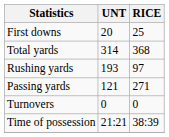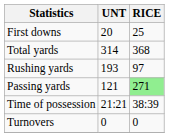 <table class="wikitable">
 <tr>
 <th>Statistics</th>
 <th>UNT</th>
 <th>RICE</th>
 </tr>
 <tr>
 <td>First downs</td>
 <td>20</td>
 <td>25</td>
 </tr>
 <tr>
 <td>Total yards</td>
 <td>314</td>
 <td>368</td>
 </tr>
 <tr>
 <td>Rushing yards</td>
 <td>193</td>
 <td>97</td>
 </tr>
 <tr>
 <td>Passing yards</td>
 <td>121</td>
-<td>271</td>
+<td style="background: lightgreen;">271</td>
+</tr>
+<tr>
+<td>Time of possession</td>
+<td>21:21</td>
+<td>38:39</td>
 </tr>
 <tr>
 <td>Turnovers</td>
 <td>0</td>
 <td>0</td>
 </tr>
 <tr>
-<td>Time of possession</td>
-<td>21:21</td>
-<td>38:39</td>
-</tr>
-<tr>
 </tr>
 </table>
